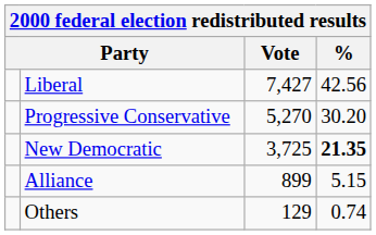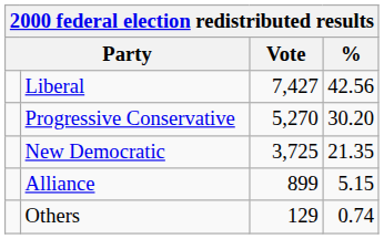 <table class="wikitable">
 <tr>
 <th colspan="4"><a href='#'>2000 federal election</a> redistributed results</th>
 </tr>
 <tr>
 <th bgcolor="#DDDDFF" width="130px" colspan="2">Party</th>
 <th bgcolor="#DDDDFF" width="50px">Vote</th>
 <th bgcolor="#DDDDFF" width="30px">%</th>
 </tr>
 <tr>
 <td> </td>
 <td><a href='#'>Liberal</a></td>
 <td align=right>7,427</td>
 <td align=right>42.56</td>
 </tr>
 <tr>
 <td> </td>
 <td><a href='#'>Progressive Conservative</a></td>
 <td align=right>5,270</td>
 <td align=right>30.20</td>
 </tr>
 <tr>
 <td> </td>
 <td><a href='#'>New Democratic</a></td>
 <td align=right>3,725</td>
-<td align=right><strong>21.35</strong></td>
+<td align=right>21.35</td>
 </tr>
 <tr>
 <td> </td>
 <td><a href='#'>Alliance</a></td>
 <td align=right>899</td>
 <td align=right>5.15</td>
 </tr>
 <tr>
 <td> </td>
 <td>Others</td>
 <td align=right>129</td>
 <td align=right>0.74</td>
 </tr>
 </table>
